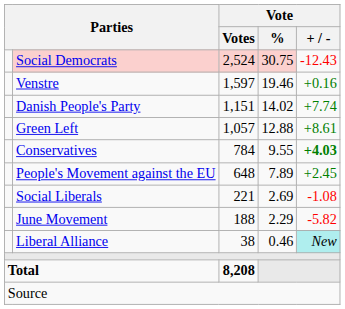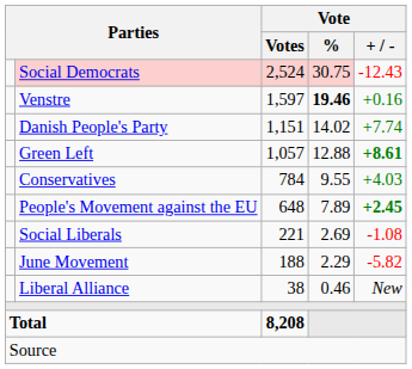 <table class="wikitable" style="text-align:right;">
 <tr>
 <th style="text-align:centre;" rowspan="2" colspan="2" width="225">Parties</th>
 <th colspan="3">Vote</th>
 </tr>
 <tr>
 <th width="15">Votes</th>
 <th width="15">%</th>
 <th width="15">+ / -</th>
 </tr>
 <tr>
 <td width="2" style="color:inherit;background:"></td>
 <td bgcolor=#fbd0ce   align="left"><a href='#'>Social Democrats</a></td>
 <td bgcolor=#fbd0ce>2,524</td>
 <td bgcolor=#fbd0ce>30.75</td>
 <td style=color:red;>-12.43</td>
 </tr>
 <tr>
 <td width="2" style="color:inherit;background:"></td>
 <td align="left"><a href='#'>Venstre</a></td>
 <td>1,597</td>
-<td>19.46</td>
+<td><strong>19.46</strong></td>
 <td style=color:green;>+0.16</td>
 </tr>
 <tr>
 <td width="2" style="color:inherit;background:"></td>
 <td align="left"><a href='#'>Danish People's Party</a></td>
 <td>1,151</td>
 <td>14.02</td>
 <td style=color:green;>+7.74</td>
 </tr>
 <tr>
 <td width="2" style="color:inherit;background:"></td>
 <td align="left"><a href='#'>Green Left</a></td>
 <td>1,057</td>
 <td>12.88</td>
-<td style=color:green;>+8.61</td>
+<td style=color:green;><strong>+8.61</strong></td>
 </tr>
 <tr>
 <td width="2" style="color:inherit;background:"></td>
 <td align="left"><a href='#'>Conservatives</a></td>
 <td>784</td>
 <td>9.55</td>
-<td style=color:green;><strong>+4.03</strong></td>
+<td style=color:green;>+4.03</td>
 </tr>
 <tr>
 <td width="2" style="color:inherit;background:"></td>
 <td align="left"><a href='#'>People's Movement against the EU</a></td>
 <td>648</td>
 <td>7.89</td>
-<td style=color:green;>+2.45</td>
+<td style=color:green;><strong>+2.45</strong></td>
 </tr>
 <tr>
 <td width="2" style="color:inherit;background:"></td>
 <td align="left"><a href='#'>Social Liberals</a></td>
 <td>221</td>
 <td>2.69</td>
 <td style=color:red;>-1.08</td>
 </tr>
 <tr>
 <td width="2" style="color:inherit;background:"></td>
 <td align="left"><a href='#'>June Movement</a></td>
 <td>188</td>
 <td>2.29</td>
 <td style=color:red;>-5.82</td>
 </tr>
 <tr>
 <td width="2" style="color:inherit;background:"></td>
 <td align="left"><a href='#'>Liberal Alliance</a></td>
 <td>38</td>
 <td>0.46</td>
-<td style="background: paleturquoise;"><em>New</em></td>
+<td><em>New</em></td>
 </tr>
 <tr>
 <td colspan="7" bgcolor="#E9E9E9"></td>
 </tr>
 <tr>
 <td align="left" colspan="2"><strong>Total</strong></td>
 <td><strong>8,208</strong></td>
 <td bgcolor="#E9E9E9" colspan="2"></td>
 </tr>
 <tr>
 <td align="left" colspan="6">Source</td>
 </tr>
 </table>
